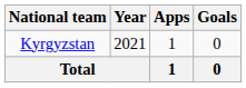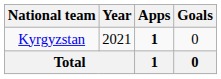 <table class="wikitable" style="text-align:center">
 <tr>
 <th>National team</th>
 <th>Year</th>
 <th>Apps</th>
 <th>Goals</th>
 </tr>
 <tr>
 <td rowspan="1"><a href='#'>Kyrgyzstan</a></td>
 <td>2021</td>
-<td>1</td>
+<td><strong>1</strong></td>
 <td>0</td>
 </tr>
 <tr>
 <th colspan=2>Total</th>
 <th>1</th>
 <th>0</th>
 </tr>
 </table>
